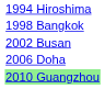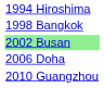 <table>
 <tr>
 <td><a href='#'>1994 Hiroshima</a></td>
 <td></td>
 <td></td>
 <td></td>
 </tr>
 <tr>
 <td><a href='#'>1998 Bangkok</a></td>
 <td></td>
 <td></td>
 <td></td>
 </tr>
 <tr>
-<td><a href='#'>2002 Busan</a></td>
+<td style="background: lightgreen;"><a href='#'>2002 Busan</a></td>
 <td></td>
 <td></td>
 <td></td>
 </tr>
 <tr>
 <td><a href='#'>2006 Doha</a></td>
 <td></td>
 <td></td>
 <td></td>
 </tr>
 <tr>
-<td style="background: lightgreen;"><a href='#'>2010 Guangzhou</a></td>
+<td><a href='#'>2010 Guangzhou</a></td>
 <td></td>
 <td></td>
 <td></td>
 </tr>
 </table>
